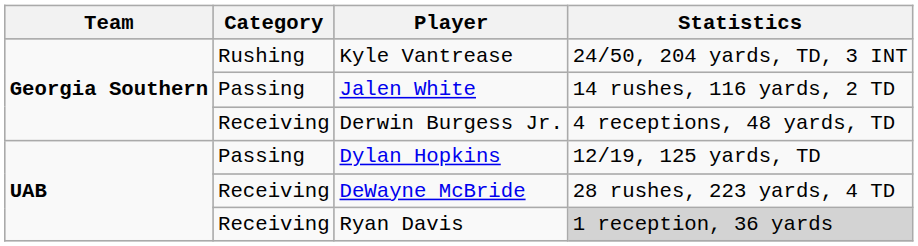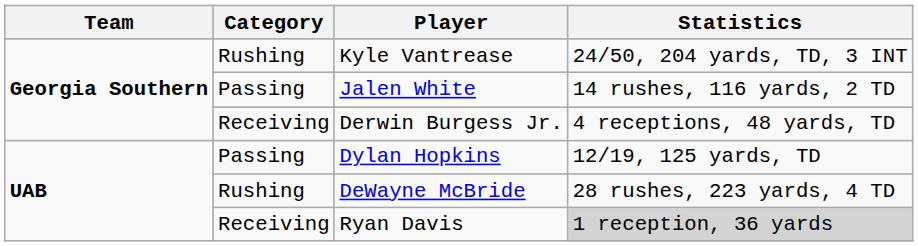 <table class="wikitable" style="float: left;">
 <tr>
 <th>Team</th>
 <th>Category</th>
 <th>Player</th>
 <th>Statistics</th>
 </tr>
 <tr>
 <td rowspan=3><strong>Georgia Southern</strong></td>
 <td>Rushing</td>
 <td>Kyle Vantrease</td>
 <td>24/50, 204 yards, TD, 3 INT</td>
 </tr>
 <tr>
 <td>Passing</td>
 <td><a href='#'>Jalen White</a></td>
 <td>14 rushes, 116 yards, 2 TD</td>
 </tr>
 <tr>
 <td>Receiving</td>
 <td>Derwin Burgess Jr.</td>
 <td>4 receptions, 48 yards, TD</td>
 </tr>
 <tr>
 <td rowspan=3><strong>UAB</strong></td>
 <td>Passing</td>
 <td><a href='#'>Dylan Hopkins</a></td>
 <td>12/19, 125 yards, TD</td>
 </tr>
 <tr>
-<td>Receiving</td>
+<td>Rushing</td>
 <td><a href='#'>DeWayne McBride</a></td>
 <td>28 rushes, 223 yards, 4 TD</td>
 </tr>
 <tr>
 <td>Receiving</td>
 <td>Ryan Davis</td>
 <td style="background: lightgrey;">1 reception, 36 yards</td>
 </tr>
 </table>
